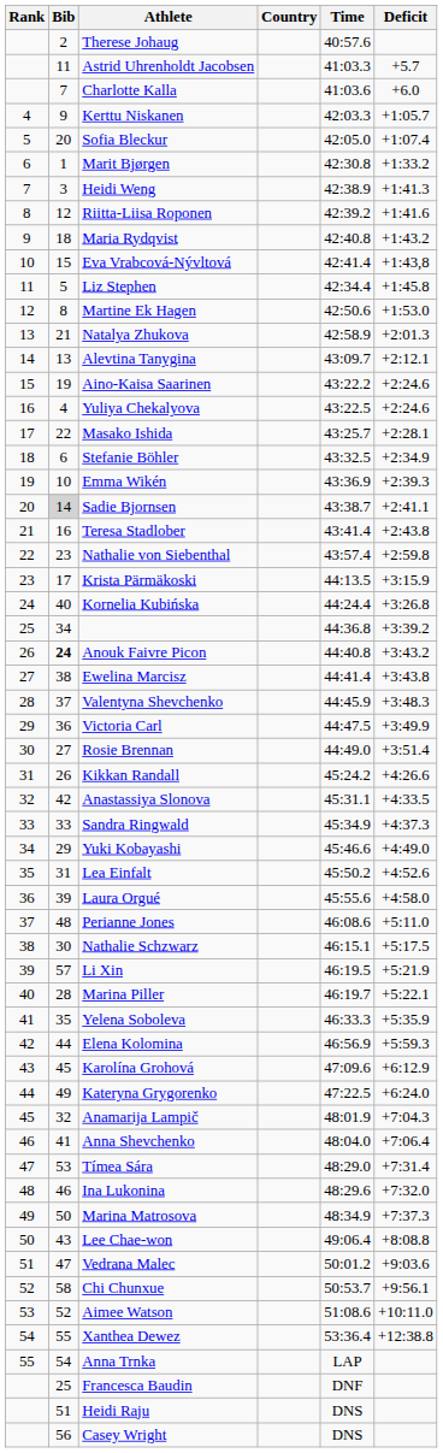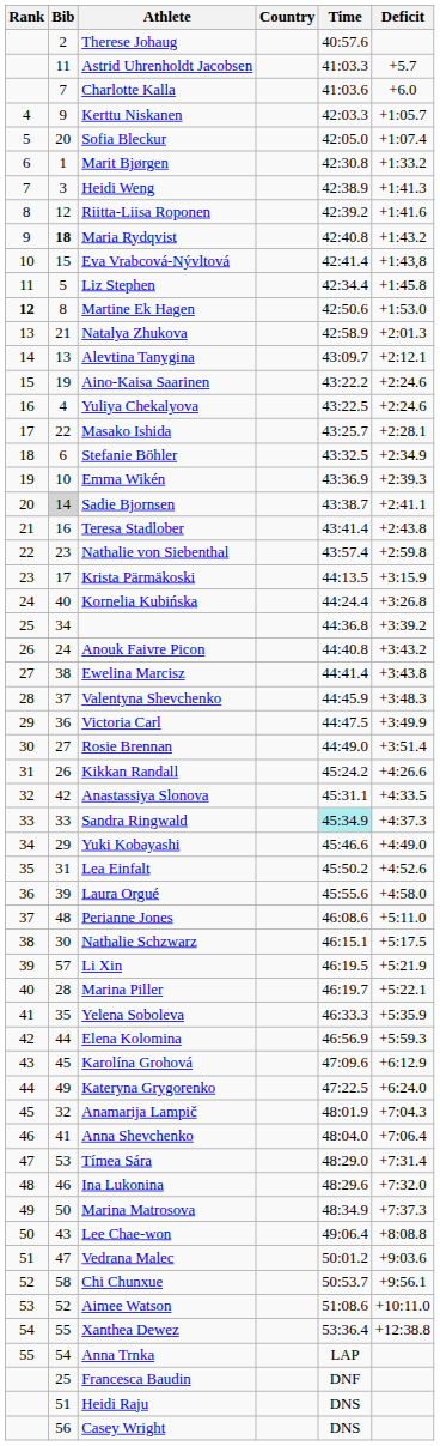 <table class="wikitable sortable" style="text-align:center">
 <tr>
 <th>Rank</th>
 <th>Bib</th>
 <th>Athlete</th>
 <th>Country</th>
 <th>Time</th>
 <th>Deficit</th>
 </tr>
 <tr>
 <td></td>
 <td>2</td>
 <td align=left><a href='#'>Therese Johaug</a></td>
 <td align=left></td>
 <td>40:57.6</td>
 <td></td>
 </tr>
 <tr>
 <td></td>
 <td>11</td>
 <td align=left><a href='#'>Astrid Uhrenholdt Jacobsen</a></td>
 <td align=left></td>
 <td>41:03.3</td>
 <td>+5.7</td>
 </tr>
 <tr>
 <td></td>
 <td>7</td>
 <td align=left><a href='#'>Charlotte Kalla</a></td>
 <td align=left></td>
 <td>41:03.6</td>
 <td>+6.0</td>
 </tr>
 <tr>
 <td>4</td>
 <td>9</td>
 <td align=left><a href='#'>Kerttu Niskanen</a></td>
 <td align=left></td>
 <td>42:03.3</td>
 <td>+1:05.7</td>
 </tr>
 <tr>
 <td>5</td>
 <td>20</td>
 <td align=left><a href='#'>Sofia Bleckur</a></td>
 <td align=left></td>
 <td>42:05.0</td>
 <td>+1:07.4</td>
 </tr>
 <tr>
 <td>6</td>
 <td>1</td>
 <td align=left><a href='#'>Marit Bjørgen</a></td>
 <td align=left></td>
 <td>42:30.8</td>
 <td>+1:33.2</td>
 </tr>
 <tr>
 <td>7</td>
 <td>3</td>
 <td align=left><a href='#'>Heidi Weng</a></td>
 <td align=left></td>
 <td>42:38.9</td>
 <td>+1:41.3</td>
 </tr>
 <tr>
 <td>8</td>
 <td>12</td>
 <td align=left><a href='#'>Riitta-Liisa Roponen</a></td>
 <td align=left></td>
 <td>42:39.2</td>
 <td>+1:41.6</td>
 </tr>
 <tr>
 <td>9</td>
-<td>18</td>
+<td><strong>18</strong></td>
 <td align=left><a href='#'>Maria Rydqvist</a></td>
 <td align=left></td>
 <td>42:40.8</td>
 <td>+1:43.2</td>
 </tr>
 <tr>
 <td>10</td>
 <td>15</td>
 <td align=left><a href='#'>Eva Vrabcová-Nývltová</a></td>
 <td align=left></td>
 <td>42:41.4</td>
 <td>+1:43,8</td>
 </tr>
 <tr>
 <td>11</td>
 <td>5</td>
 <td align=left><a href='#'>Liz Stephen</a></td>
 <td align=left></td>
 <td>42:34.4</td>
 <td>+1:45.8</td>
 </tr>
 <tr>
-<td>12</td>
+<td><strong>12</strong></td>
 <td>8</td>
 <td align=left><a href='#'>Martine Ek Hagen</a></td>
 <td align=left></td>
 <td>42:50.6</td>
 <td>+1:53.0</td>
 </tr>
 <tr>
 <td>13</td>
 <td>21</td>
 <td align=left><a href='#'>Natalya Zhukova</a></td>
 <td align=left></td>
 <td>42:58.9</td>
 <td>+2:01.3</td>
 </tr>
 <tr>
 <td>14</td>
 <td>13</td>
 <td align=left><a href='#'>Alevtina Tanygina</a></td>
 <td align=left></td>
 <td>43:09.7</td>
 <td>+2:12.1</td>
 </tr>
 <tr>
 <td>15</td>
 <td>19</td>
 <td align=left><a href='#'>Aino-Kaisa Saarinen</a></td>
 <td align=left></td>
 <td>43:22.2</td>
 <td>+2:24.6</td>
 </tr>
 <tr>
 <td>16</td>
 <td>4</td>
 <td align=left><a href='#'>Yuliya Chekalyova</a></td>
 <td align=left></td>
 <td>43:22.5</td>
 <td>+2:24.6</td>
 </tr>
 <tr>
 <td>17</td>
 <td>22</td>
 <td align=left><a href='#'>Masako Ishida</a></td>
 <td align=left></td>
 <td>43:25.7</td>
 <td>+2:28.1</td>
 </tr>
 <tr>
 <td>18</td>
 <td>6</td>
 <td align=left><a href='#'>Stefanie Böhler</a></td>
 <td align=left></td>
 <td>43:32.5</td>
 <td>+2:34.9</td>
 </tr>
 <tr>
 <td>19</td>
 <td>10</td>
 <td align=left><a href='#'>Emma Wikén</a></td>
 <td align=left></td>
 <td>43:36.9</td>
 <td>+2:39.3</td>
 </tr>
 <tr>
 <td>20</td>
 <td style="background: lightgrey;">14</td>
 <td align=left><a href='#'>Sadie Bjornsen</a></td>
 <td align=left></td>
 <td>43:38.7</td>
 <td>+2:41.1</td>
 </tr>
 <tr>
 <td>21</td>
 <td>16</td>
 <td align=left><a href='#'>Teresa Stadlober</a></td>
 <td align=left></td>
 <td>43:41.4</td>
 <td>+2:43.8</td>
 </tr>
 <tr>
 <td>22</td>
 <td>23</td>
 <td align=left><a href='#'>Nathalie von Siebenthal</a></td>
 <td align=left></td>
 <td>43:57.4</td>
 <td>+2:59.8</td>
 </tr>
 <tr>
 <td>23</td>
 <td>17</td>
 <td align=left><a href='#'>Krista Pärmäkoski</a></td>
 <td align=left></td>
 <td>44:13.5</td>
 <td>+3:15.9</td>
 </tr>
 <tr>
 <td>24</td>
 <td>40</td>
 <td align=left><a href='#'>Kornelia Kubińska</a></td>
 <td align=left></td>
 <td>44:24.4</td>
 <td>+3:26.8</td>
 </tr>
 <tr>
 <td>25</td>
 <td>34</td>
 <td align=left></td>
 <td align=left></td>
 <td>44:36.8</td>
 <td>+3:39.2</td>
 </tr>
 <tr>
 <td>26</td>
-<td><strong>24</strong></td>
+<td>24</td>
 <td align=left><a href='#'>Anouk Faivre Picon</a></td>
 <td align=left></td>
 <td>44:40.8</td>
 <td>+3:43.2</td>
 </tr>
 <tr>
 <td>27</td>
 <td>38</td>
 <td align=left><a href='#'>Ewelina Marcisz</a></td>
 <td align=left></td>
 <td>44:41.4</td>
 <td>+3:43.8</td>
 </tr>
 <tr>
 <td>28</td>
 <td>37</td>
 <td align=left><a href='#'>Valentyna Shevchenko</a></td>
 <td align=left></td>
 <td>44:45.9</td>
 <td>+3:48.3</td>
 </tr>
 <tr>
 <td>29</td>
 <td>36</td>
 <td align=left><a href='#'>Victoria Carl</a></td>
 <td align=left></td>
 <td>44:47.5</td>
 <td>+3:49.9</td>
 </tr>
 <tr>
 <td>30</td>
 <td>27</td>
 <td align=left><a href='#'>Rosie Brennan</a></td>
 <td align=left></td>
 <td>44:49.0</td>
 <td>+3:51.4</td>
 </tr>
 <tr>
 <td>31</td>
 <td>26</td>
 <td align=left><a href='#'>Kikkan Randall</a></td>
 <td align=left></td>
 <td>45:24.2</td>
 <td>+4:26.6</td>
 </tr>
 <tr>
 <td>32</td>
 <td>42</td>
 <td align=left><a href='#'>Anastassiya Slonova</a></td>
 <td align=left></td>
 <td>45:31.1</td>
 <td>+4:33.5</td>
 </tr>
 <tr>
 <td>33</td>
 <td>33</td>
 <td align=left><a href='#'>Sandra Ringwald</a></td>
 <td align=left></td>
-<td>45:34.9</td>
+<td style="background: paleturquoise;">45:34.9</td>
 <td>+4:37.3</td>
 </tr>
 <tr>
 <td>34</td>
 <td>29</td>
 <td align=left><a href='#'>Yuki Kobayashi</a></td>
 <td align=left></td>
 <td>45:46.6</td>
 <td>+4:49.0</td>
 </tr>
 <tr>
 <td>35</td>
 <td>31</td>
 <td align=left><a href='#'>Lea Einfalt</a></td>
 <td align=left></td>
 <td>45:50.2</td>
 <td>+4:52.6</td>
 </tr>
 <tr>
 <td>36</td>
 <td>39</td>
 <td align=left><a href='#'>Laura Orgué</a></td>
 <td align=left></td>
 <td>45:55.6</td>
 <td>+4:58.0</td>
 </tr>
 <tr>
 <td>37</td>
 <td>48</td>
 <td align=left><a href='#'>Perianne Jones</a></td>
 <td align=left></td>
 <td>46:08.6</td>
 <td>+5:11.0</td>
 </tr>
 <tr>
 <td>38</td>
 <td>30</td>
 <td align=left><a href='#'>Nathalie Schzwarz</a></td>
 <td align=left></td>
 <td>46:15.1</td>
 <td>+5:17.5</td>
 </tr>
 <tr>
 <td>39</td>
 <td>57</td>
 <td align=left><a href='#'>Li Xin</a></td>
 <td align=left></td>
 <td>46:19.5</td>
 <td>+5:21.9</td>
 </tr>
 <tr>
 <td>40</td>
 <td>28</td>
 <td align=left><a href='#'>Marina Piller</a></td>
 <td align=left></td>
 <td>46:19.7</td>
 <td>+5:22.1</td>
 </tr>
 <tr>
 <td>41</td>
 <td>35</td>
 <td align=left><a href='#'>Yelena Soboleva</a></td>
 <td align=left></td>
 <td>46:33.3</td>
 <td>+5:35.9</td>
 </tr>
 <tr>
 <td>42</td>
 <td>44</td>
 <td align=left><a href='#'>Elena Kolomina</a></td>
 <td align=left></td>
 <td>46:56.9</td>
 <td>+5:59.3</td>
 </tr>
 <tr>
 <td>43</td>
 <td>45</td>
 <td align=left><a href='#'>Karolína Grohová</a></td>
 <td align=left></td>
 <td>47:09.6</td>
 <td>+6:12.9</td>
 </tr>
 <tr>
 <td>44</td>
 <td>49</td>
 <td align=left><a href='#'>Kateryna Grygorenko</a></td>
 <td align=left></td>
 <td>47:22.5</td>
 <td>+6:24.0</td>
 </tr>
 <tr>
 <td>45</td>
 <td>32</td>
 <td align=left><a href='#'>Anamarija Lampič</a></td>
 <td align=left></td>
 <td>48:01.9</td>
 <td>+7:04.3</td>
 </tr>
 <tr>
 <td>46</td>
 <td>41</td>
 <td align=left><a href='#'>Anna Shevchenko</a></td>
 <td align=left></td>
 <td>48:04.0</td>
 <td>+7:06.4</td>
 </tr>
 <tr>
 <td>47</td>
 <td>53</td>
 <td align=left><a href='#'>Tímea Sára</a></td>
 <td align=left></td>
 <td>48:29.0</td>
 <td>+7:31.4</td>
 </tr>
 <tr>
 <td>48</td>
 <td>46</td>
 <td align=left><a href='#'>Ina Lukonina</a></td>
 <td align=left></td>
 <td>48:29.6</td>
 <td>+7:32.0</td>
 </tr>
 <tr>
 <td>49</td>
 <td>50</td>
 <td align=left><a href='#'>Marina Matrosova</a></td>
 <td align=left></td>
 <td>48:34.9</td>
 <td>+7:37.3</td>
 </tr>
 <tr>
 <td>50</td>
 <td>43</td>
 <td align=left><a href='#'>Lee Chae-won</a></td>
 <td align=left></td>
 <td>49:06.4</td>
 <td>+8:08.8</td>
 </tr>
 <tr>
 <td>51</td>
 <td>47</td>
 <td align=left><a href='#'>Vedrana Malec</a></td>
 <td align=left></td>
 <td>50:01.2</td>
 <td>+9:03.6</td>
 </tr>
 <tr>
 <td>52</td>
 <td>58</td>
 <td align=left><a href='#'>Chi Chunxue</a></td>
 <td align=left></td>
 <td>50:53.7</td>
 <td>+9:56.1</td>
 </tr>
 <tr>
 <td>53</td>
 <td>52</td>
 <td align=left><a href='#'>Aimee Watson</a></td>
 <td align=left></td>
 <td>51:08.6</td>
 <td>+10:11.0</td>
 </tr>
 <tr>
 <td>54</td>
 <td>55</td>
 <td align=left><a href='#'>Xanthea Dewez</a></td>
 <td align=left></td>
 <td>53:36.4</td>
 <td>+12:38.8</td>
 </tr>
 <tr>
 <td>55</td>
 <td>54</td>
 <td align=left><a href='#'>Anna Trnka</a></td>
 <td align=left></td>
 <td>LAP</td>
 <td></td>
 </tr>
 <tr>
 <td></td>
 <td>25</td>
 <td align=left><a href='#'>Francesca Baudin</a></td>
 <td align=left></td>
 <td>DNF</td>
 <td></td>
 </tr>
 <tr>
 <td></td>
 <td>51</td>
 <td align=left><a href='#'>Heidi Raju</a></td>
 <td align=left></td>
 <td>DNS</td>
 <td></td>
 </tr>
 <tr>
 <td></td>
 <td>56</td>
 <td align=left><a href='#'>Casey Wright</a></td>
 <td align=left></td>
 <td>DNS</td>
 <td></td>
 </tr>
 </table>
